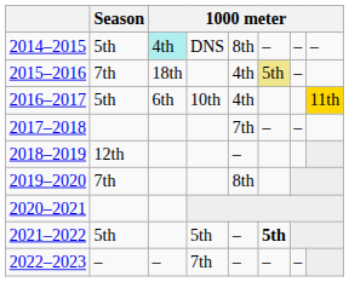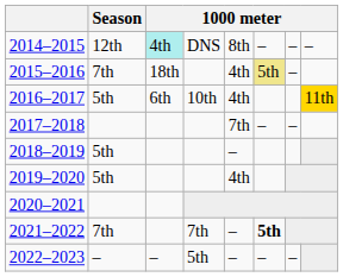 <table class="wikitable" style="display: inline-table">
 <tr>
 <th></th>
 <th>Season</th>
 <th colspan="7">1000 meter</th>
 </tr>
 <tr>
 <td><a href='#'>2014–2015</a></td>
-<td>5th</td>
+<td>12th</td>
 <td style="background: paleturquoise;">4th</td>
 <td>DNS</td>
 <td>8th</td>
 <td>–</td>
 <td>–</td>
 <td>–</td>
 </tr>
 <tr>
 <td><a href='#'>2015–2016</a></td>
 <td>7th</td>
 <td>18th</td>
 <td></td>
 <td>4th</td>
 <td style="background: khaki;">5th</td>
 <td>–</td>
 <td></td>
 </tr>
 <tr>
 <td><a href='#'>2016–2017</a></td>
 <td>5th</td>
 <td>6th</td>
 <td>10th</td>
 <td>4th</td>
 <td></td>
 <td></td>
 <td style="background: gold;">11th</td>
 </tr>
 <tr>
 <td><a href='#'>2017–2018</a></td>
 <td></td>
 <td></td>
 <td></td>
 <td>7th</td>
 <td>–</td>
 <td>–</td>
 <td></td>
 </tr>
 <tr>
 <td><a href='#'>2018–2019</a></td>
-<td>12th</td>
+<td>5th</td>
 <td></td>
 <td></td>
 <td>–</td>
 <td></td>
 <td></td>
 <td colspan="2" bgcolor=#EEEEEE></td>
 </tr>
 <tr>
 <td><a href='#'>2019–2020</a></td>
-<td>7th</td>
+<td>5th</td>
 <td></td>
 <td></td>
-<td>8th</td>
+<td>4th</td>
 <td></td>
 <td colspan="3" bgcolor=#EEEEEE></td>
 </tr>
 <tr>
 <td><a href='#'>2020–2021</a></td>
 <td></td>
 <td></td>
 <td colspan="5" bgcolor=#EEEEEE></td>
 </tr>
 <tr>
 <td><a href='#'>2021–2022</a></td>
-<td>5th</td>
+<td>7th</td>
 <td></td>
-<td>5th</td>
+<td>7th</td>
 <td>–</td>
 <td><strong>5th</strong></td>
 <td colspan="2" bgcolor=#EEEEEE></td>
 </tr>
 <tr>
 <td><a href='#'>2022–2023</a></td>
 <td>–</td>
 <td>–</td>
-<td>7th</td>
+<td>5th</td>
 <td>–</td>
 <td>–</td>
 <td>–</td>
 <td colspan="1" bgcolor=#EEEEEE></td>
 </tr>
 </table>
